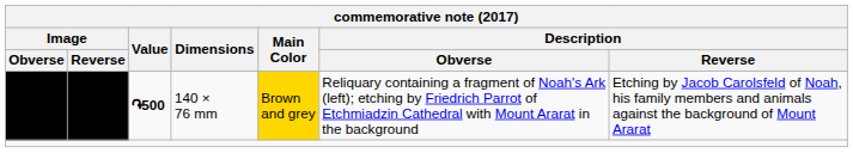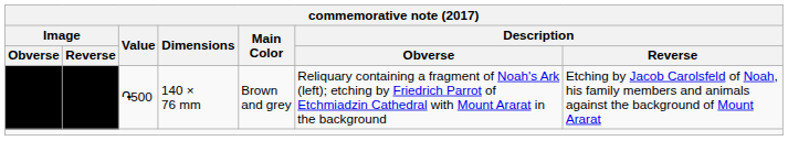 <table class="wikitable" style="font-size: 90%">
 <tr>
 <th colspan="9">commemorative note (2017)</th>
 </tr>
 <tr>
 <th colspan="2">Image</th>
 <th rowspan="2">Value</th>
 <th rowspan="2">Dimensions</th>
 <th rowspan="2">Main Color</th>
 <th colspan="2">Description</th>
 </tr>
 <tr>
 <th>Obverse</th>
 <th>Reverse</th>
 <th>Obverse</th>
 <th>Reverse</th>
 </tr>
 <tr>
 <td style="background:#000;text-align:right"></td>
 <td style="background:#000"></td>
-<td><strong>֏500</strong></td>
+<td>֏500</td>
 <td>140 × 76 mm</td>
-<td style="background: gold;">Brown and grey</td>
+<td>Brown and grey</td>
 <td>Reliquary containing a fragment of <a href='#'>Noah's Ark</a> (left); etching by <a href='#'>Friedrich Parrot</a> of <a href='#'>Etchmiadzin Cathedral</a> with <a href='#'>Mount Ararat</a> in the background</td>
 <td>Etching by <a href='#'>Jacob Carolsfeld</a> of <a href='#'>Noah</a>, his family members and animals against the background of <a href='#'>Mount Ararat</a></td>
 </tr>
 <tr>
 <td colspan="9"></td>
 </tr>
 </table>
